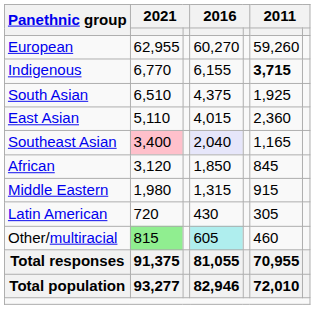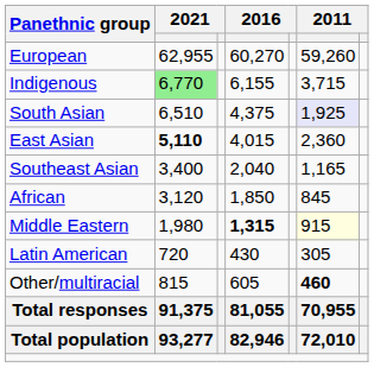 <table class="wikitable collapsible sortable">
 <tr>
 <th rowspan="2"><a href='#'>Panethnic</a> group</th>
 <th colspan="2">2021</th>
 <th colspan="2">2016</th>
 <th colspan="2">2011</th>
 </tr>
 <tr>
 <th><a href='#'></a></th>
 <th></th>
 <th></th>
 <th></th>
 <th></th>
 <th></th>
 </tr>
 <tr>
 <td><a href='#'>European</a></td>
 <td>62,955</td>
 <td></td>
 <td>60,270</td>
 <td></td>
 <td>59,260</td>
 <td></td>
 </tr>
 <tr>
 <td><a href='#'>Indigenous</a></td>
-<td>6,770</td>
+<td style="background: lightgreen;">6,770</td>
 <td></td>
 <td>6,155</td>
 <td></td>
-<td><strong>3,715</strong></td>
+<td>3,715</td>
 <td></td>
 </tr>
 <tr>
 <td><a href='#'>South Asian</a></td>
 <td>6,510</td>
 <td></td>
 <td>4,375</td>
 <td></td>
-<td>1,925</td>
+<td style="background: lavender;">1,925</td>
 <td></td>
 </tr>
 <tr>
 <td><a href='#'>East Asian</a></td>
-<td>5,110</td>
+<td><strong>5,110</strong></td>
 <td></td>
 <td>4,015</td>
 <td></td>
 <td>2,360</td>
 <td></td>
 </tr>
 <tr>
 <td><a href='#'>Southeast Asian</a></td>
-<td style="background: pink;">3,400</td>
+<td>3,400</td>
 <td></td>
-<td style="background: lavender;">2,040</td>
+<td>2,040</td>
 <td></td>
 <td>1,165</td>
 <td></td>
 </tr>
 <tr>
 <td><a href='#'>African</a></td>
 <td>3,120</td>
 <td></td>
 <td>1,850</td>
 <td></td>
 <td>845</td>
 <td></td>
 </tr>
 <tr>
 <td><a href='#'>Middle Eastern</a></td>
 <td>1,980</td>
 <td></td>
-<td>1,315</td>
+<td><strong>1,315</strong></td>
 <td></td>
-<td>915</td>
+<td style="background: lightyellow;">915</td>
 <td></td>
 </tr>
 <tr>
 <td><a href='#'>Latin American</a></td>
 <td>720</td>
 <td></td>
 <td>430</td>
 <td></td>
 <td>305</td>
 <td></td>
 </tr>
 <tr>
 <td>Other/<a href='#'>multiracial</a></td>
-<td style="background: lightgreen;">815</td>
+<td>815</td>
 <td></td>
-<td style="background: paleturquoise;">605</td>
+<td>605</td>
 <td></td>
-<td>460</td>
+<td><strong>460</strong></td>
 <td></td>
 </tr>
 <tr>
 <th>Total responses</th>
 <th>91,375</th>
 <th></th>
 <th>81,055</th>
 <th></th>
 <th>70,955</th>
 <th></th>
 </tr>
 <tr class="sortbottom">
 <th>Total population</th>
 <th>93,277</th>
 <th></th>
 <th>82,946</th>
 <th></th>
 <th>72,010</th>
 <th></th>
 </tr>
 <tr class="sortbottom">
 <td colspan="15"></td>
 </tr>
 </table>
